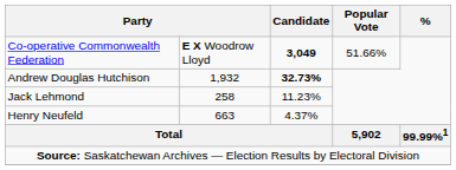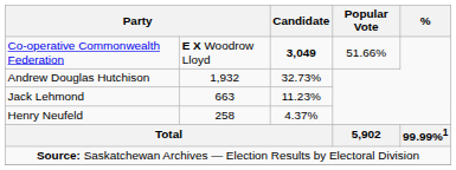 <table class="wikitable">
 <tr>
 <th colspan="2">Party</th>
 <th>Candidate</th>
 <th>Popular Vote</th>
 <th>%</th>
 </tr>
 <tr>
 <td><a href='#'>Co-operative Commonwealth Federation</a></td>
 <td><strong>E</strong> <strong>X</strong> Woodrow Lloyd</td>
 <td align=center><strong>3,049</strong></td>
 <td align=center>51.66%</td>
 </tr>
 <tr>
 <td>Andrew Douglas Hutchison</td>
 <td align=center>1,932</td>
-<td align=center><strong>32.73%</strong></td>
+<td align=center>32.73%</td>
 </tr>
 <tr>
 <td>Jack Lehmond</td>
-<td align=center>258</td>
+<td align=center>663</td>
 <td align=center>11.23%</td>
 </tr>
 <tr>
 <td>Henry Neufeld</td>
-<td align=center>663</td>
+<td align=center>258</td>
 <td align=center>4.37%</td>
 </tr>
 <tr>
 <th colspan=3>Total</th>
 <th>5,902</th>
 <th>99.99%<sup>1</sup></th>
 </tr>
 <tr>
 <td align="center" colspan=5><strong>Source:</strong>  Saskatchewan Archives  — Election Results by Electoral Division</td>
 </tr>
 <tr>
 </tr>
 </table>
